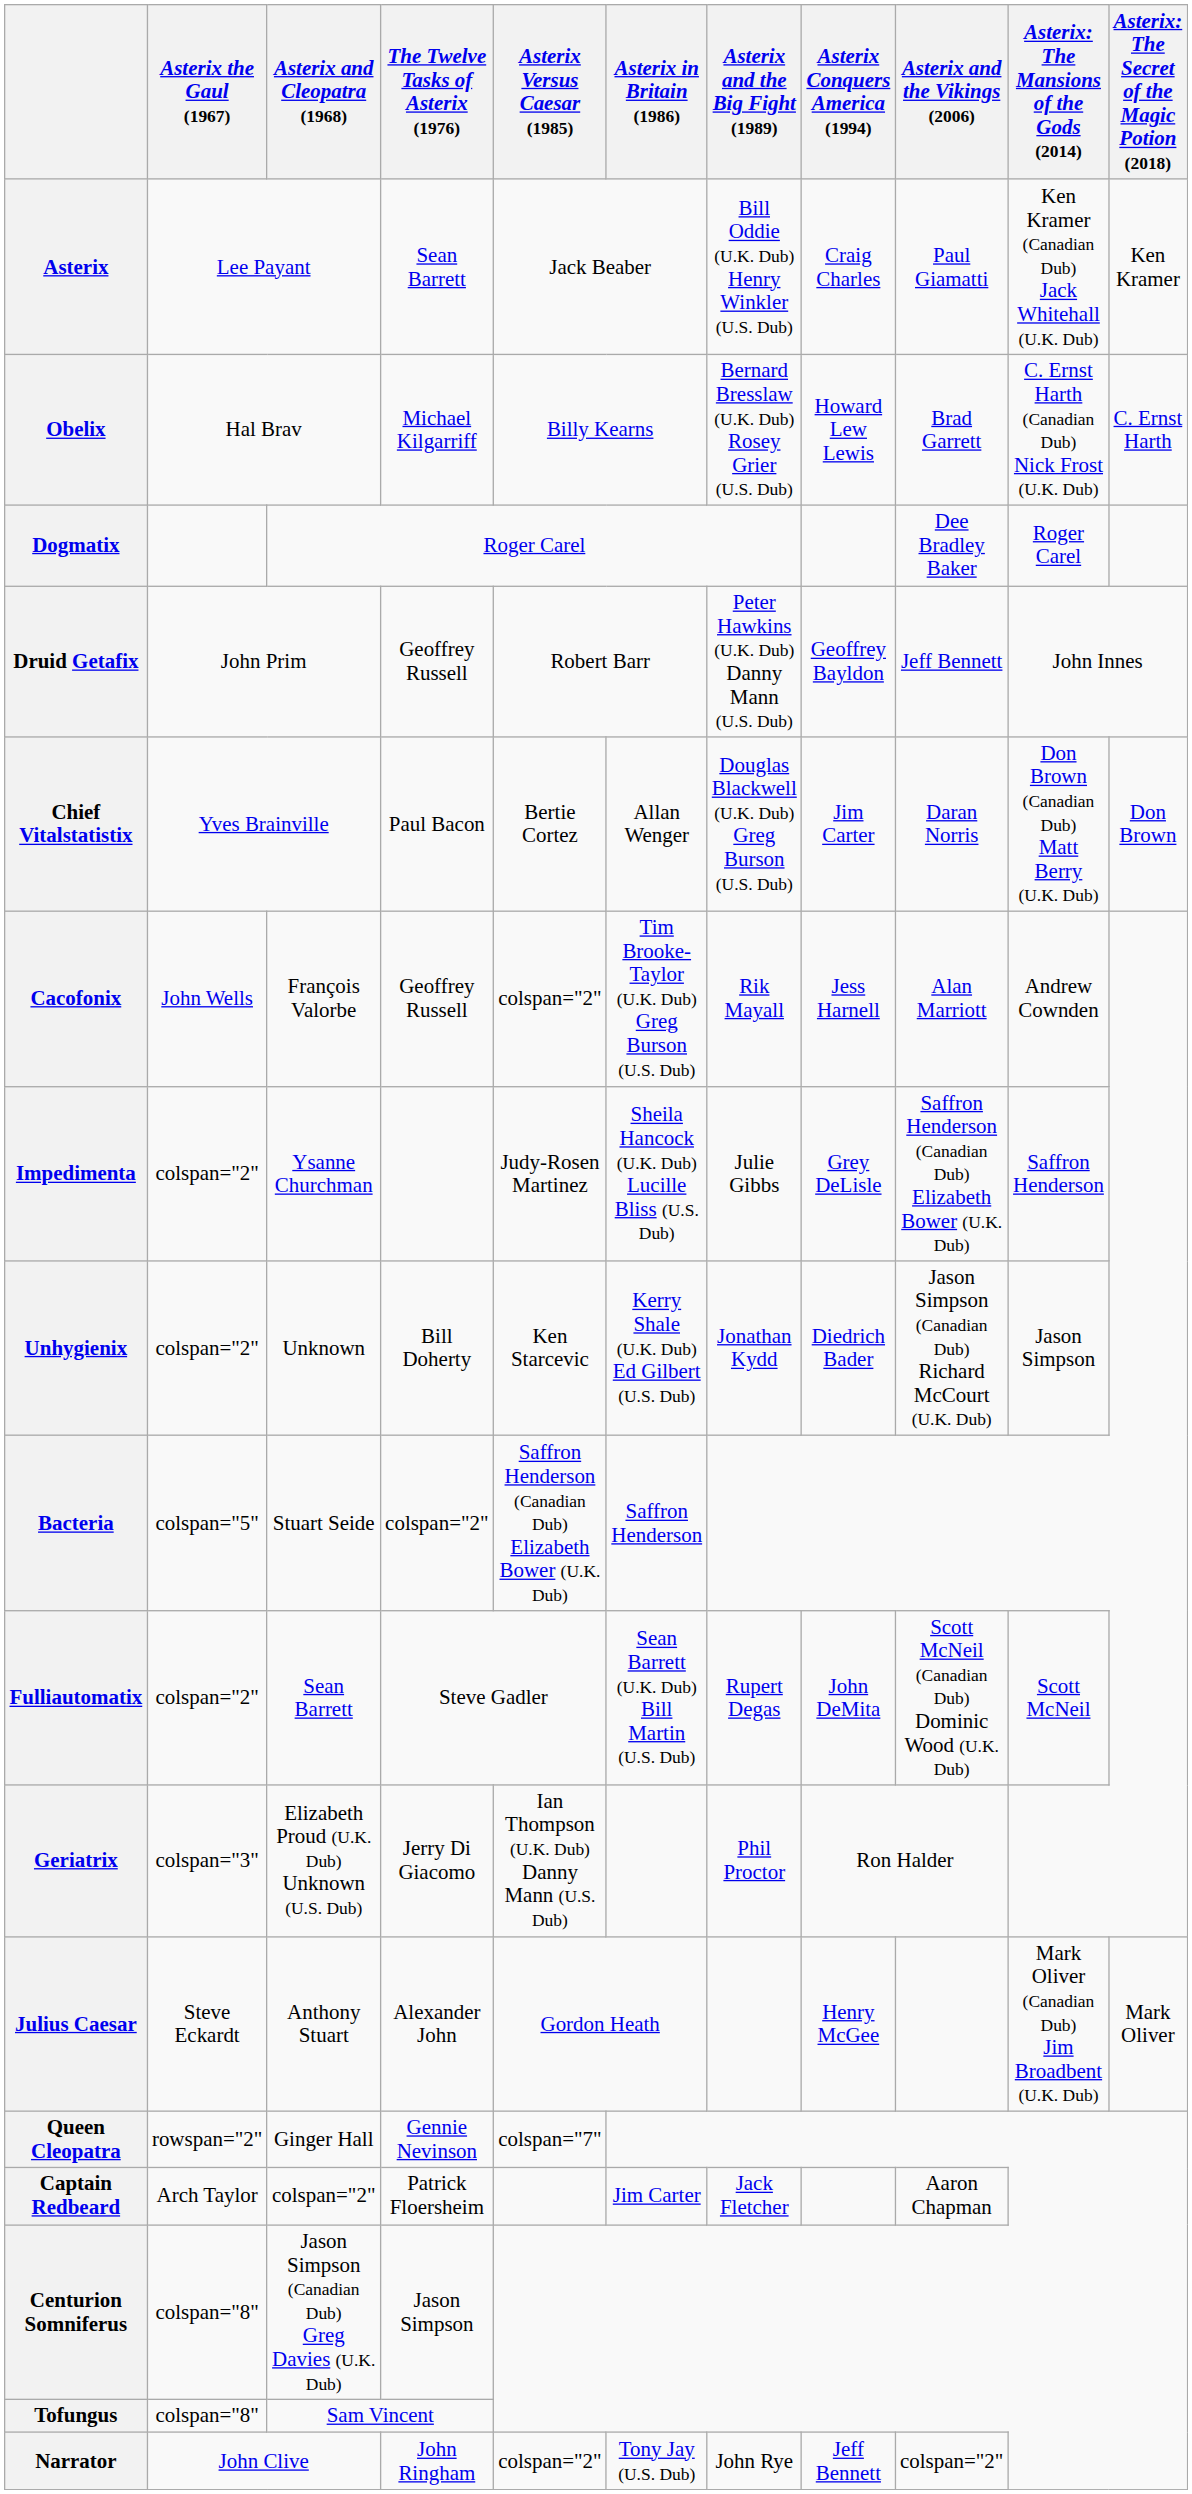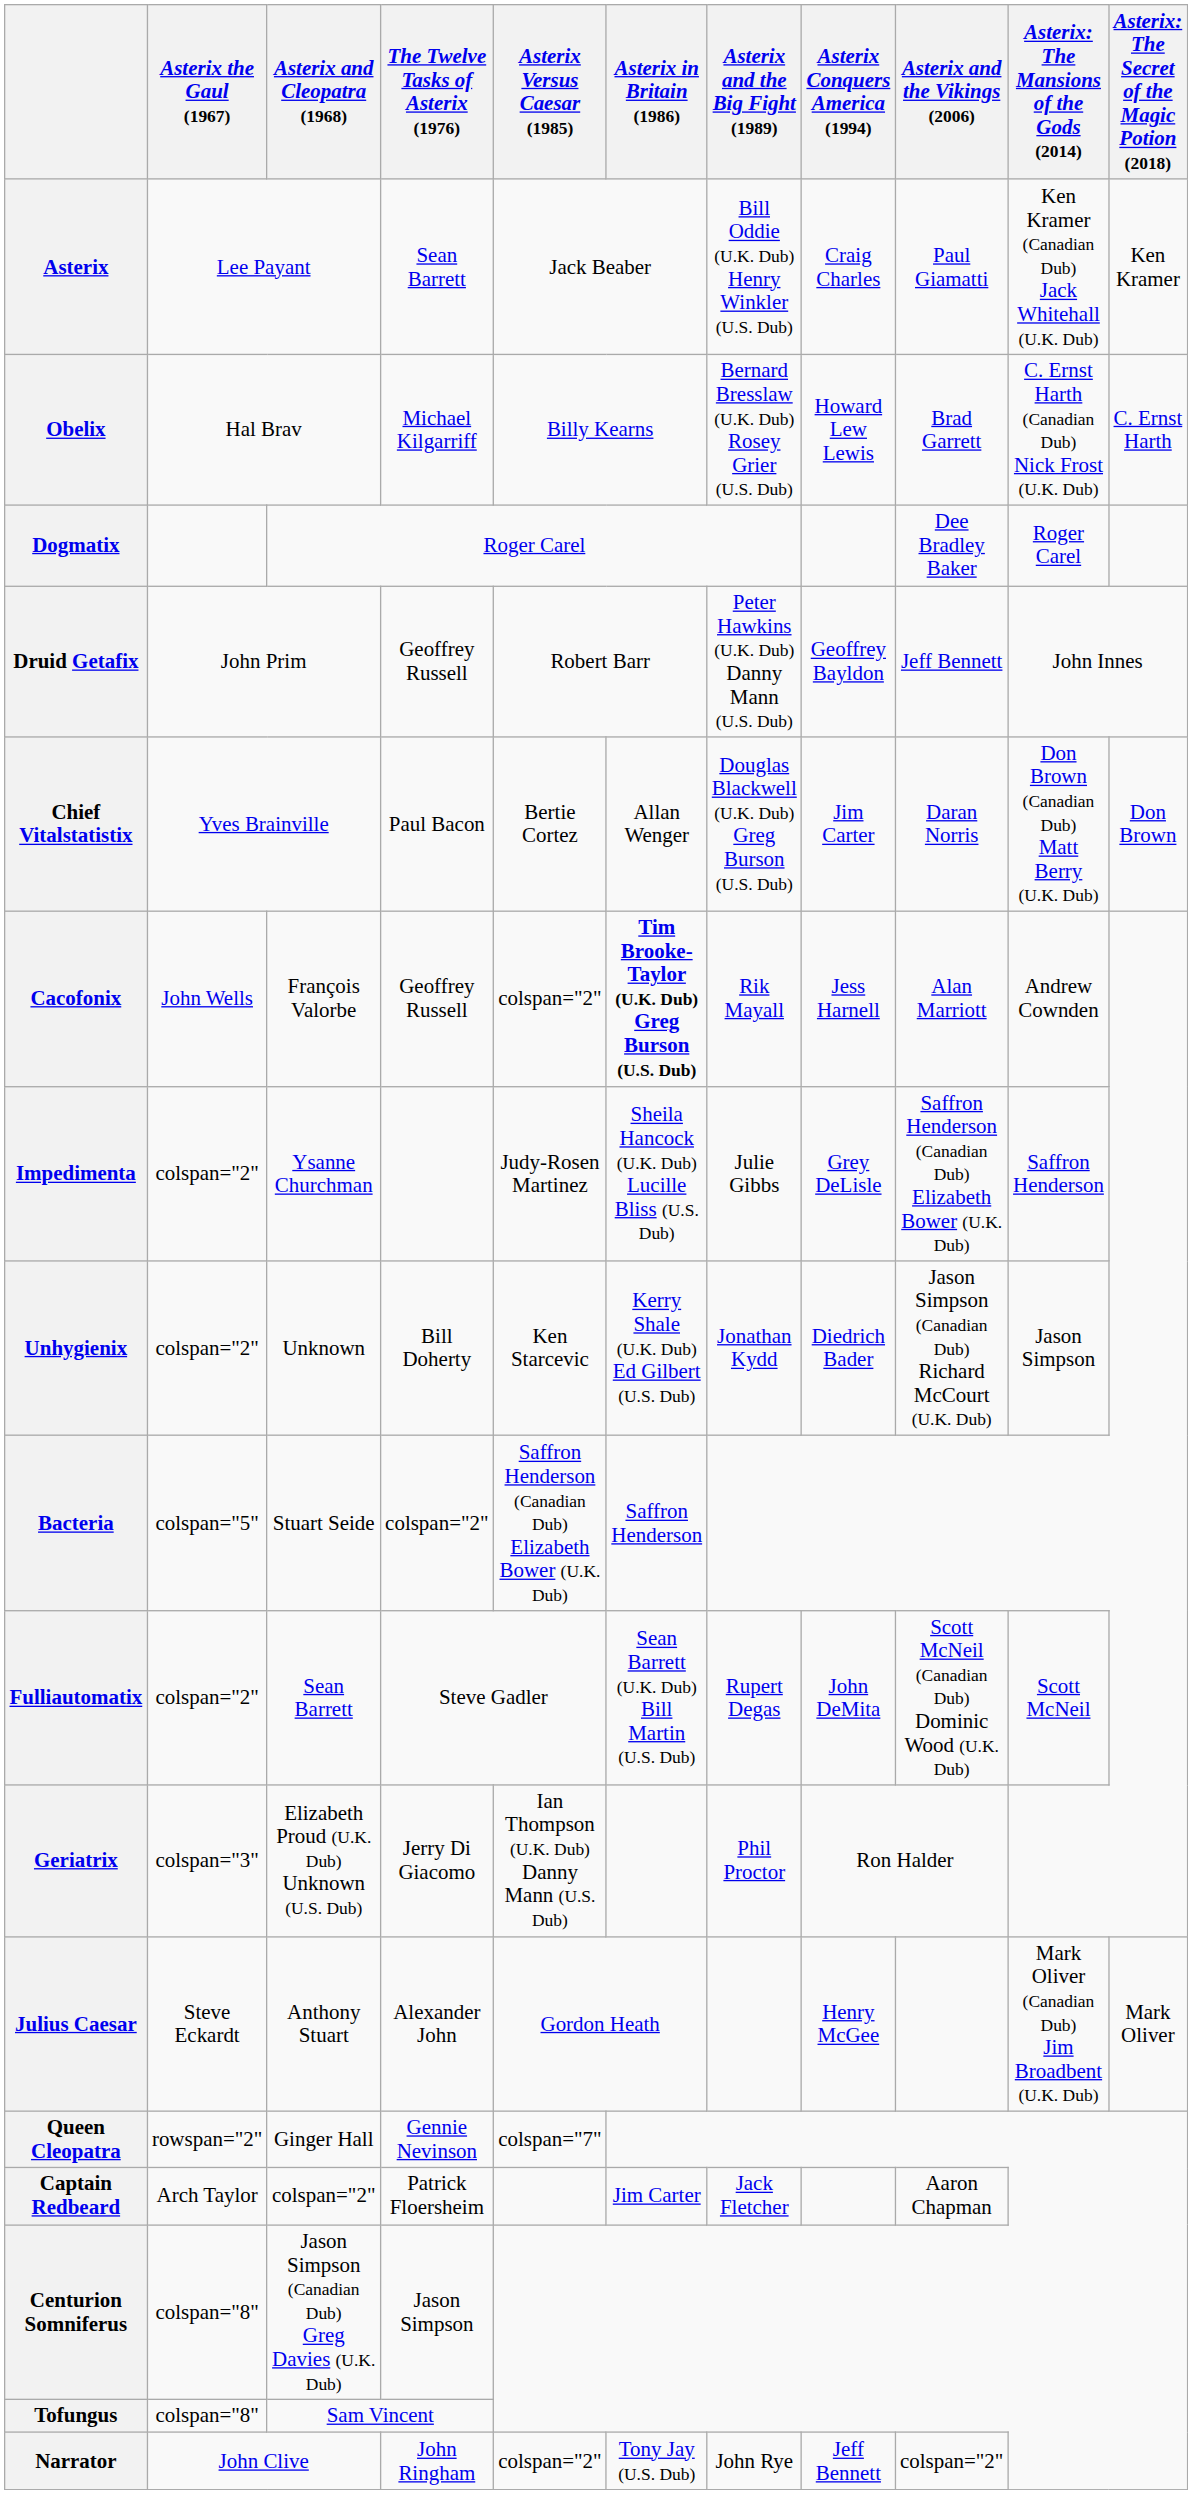 <table class="wikitable" style="text-align:center;">
 <tr>
 <th></th>
 <th><em><a href='#'>Asterix the Gaul</a></em><br><small>(1967)</small></th>
 <th><em><a href='#'>Asterix and Cleopatra</a></em><br><small>(1968)</small></th>
 <th><em><a href='#'>The Twelve Tasks of Asterix</a></em><br><small>(1976)</small></th>
 <th><em><a href='#'>Asterix Versus Caesar</a></em><br><small>(1985)</small></th>
 <th><em><a href='#'>Asterix in Britain</a></em><br><small>(1986)</small></th>
 <th><em><a href='#'>Asterix and the Big Fight</a></em><br><small>(1989)</small></th>
 <th><em><a href='#'>Asterix Conquers America</a></em><br><small>(1994)</small></th>
 <th><em><a href='#'>Asterix and the Vikings</a></em><br><small>(2006)</small></th>
 <th><em><a href='#'>Asterix: The Mansions of the Gods</a></em><br><small>(2014)</small></th>
 <th><em><a href='#'>Asterix: The Secret of the Magic Potion</a></em><br><small>(2018)</small></th>
 </tr>
 <tr>
 <th><a href='#'>Asterix</a></th>
 <td colspan="2"><a href='#'>Lee Payant</a></td>
 <td><a href='#'>Sean Barrett</a></td>
 <td colspan="2">Jack Beaber</td>
 <td><a href='#'>Bill Oddie</a> <small>(U.K. Dub)</small><br><a href='#'>Henry Winkler</a> <small>(U.S. Dub)</small></td>
 <td><a href='#'>Craig Charles</a></td>
 <td><a href='#'>Paul Giamatti</a></td>
 <td>Ken Kramer <small>(Canadian Dub)</small><br><a href='#'>Jack Whitehall</a> <small>(U.K. Dub)</small></td>
 <td>Ken Kramer</td>
 </tr>
 <tr>
 <th><a href='#'>Obelix</a></th>
 <td colspan="2">Hal Brav</td>
 <td><a href='#'>Michael Kilgarriff</a></td>
 <td colspan="2"><a href='#'>Billy Kearns</a></td>
 <td><a href='#'>Bernard Bresslaw</a> <small>(U.K. Dub)</small><br><a href='#'>Rosey Grier</a> <small>(U.S. Dub)</small></td>
 <td><a href='#'>Howard Lew Lewis</a></td>
 <td><a href='#'>Brad Garrett</a></td>
 <td><a href='#'>C. Ernst Harth</a> <small>(Canadian Dub)</small><br><a href='#'>Nick Frost</a> <small>(U.K. Dub)</small></td>
 <td><a href='#'>C. Ernst Harth</a></td>
 </tr>
 <tr>
 <th><a href='#'>Dogmatix</a></th>
 <td></td>
 <td colspan="5"><a href='#'>Roger Carel</a></td>
 <td></td>
 <td><a href='#'>Dee Bradley Baker</a></td>
 <td><a href='#'>Roger Carel</a></td>
 <td></td>
 </tr>
 <tr>
 <th>Druid <a href='#'>Getafix</a></th>
 <td colspan="2">John Prim</td>
 <td>Geoffrey Russell</td>
 <td colspan="2">Robert Barr</td>
 <td><a href='#'>Peter Hawkins</a> <small>(U.K. Dub)</small><br>Danny Mann <small>(U.S. Dub)</small></td>
 <td><a href='#'>Geoffrey Bayldon</a></td>
 <td><a href='#'>Jeff Bennett</a></td>
 <td colspan="2">John Innes</td>
 </tr>
 <tr>
 <th>Chief <a href='#'>Vitalstatistix</a></th>
 <td colspan="2"><a href='#'>Yves Brainville</a></td>
 <td>Paul Bacon</td>
 <td>Bertie Cortez</td>
 <td>Allan Wenger</td>
 <td><a href='#'>Douglas Blackwell</a> <small>(U.K. Dub)</small><br><a href='#'>Greg Burson</a> <small>(U.S. Dub)</small></td>
 <td><a href='#'>Jim Carter</a></td>
 <td><a href='#'>Daran Norris</a></td>
 <td><a href='#'>Don Brown</a> <small>(Canadian Dub)</small><br><a href='#'>Matt Berry</a> <small>(U.K. Dub)</small></td>
 <td><a href='#'>Don Brown</a></td>
 </tr>
 <tr>
 <th><a href='#'>Cacofonix</a></th>
 <td><a href='#'>John Wells</a></td>
 <td>François Valorbe</td>
 <td>Geoffrey Russell</td>
 <td>colspan="2" </td>
-<td><a href='#'>Tim Brooke-Taylor</a> <small>(U.K. Dub)</small><br><a href='#'>Greg Burson</a> <small>(U.S. Dub)</small></td>
+<td><strong><a href='#'>Tim Brooke-Taylor</a> <small>(U.K. Dub)</small><br><a href='#'>Greg Burson</a> <small>(U.S. Dub)</small></strong></td>
 <td><a href='#'>Rik Mayall</a></td>
 <td><a href='#'>Jess Harnell</a></td>
 <td><a href='#'>Alan Marriott</a></td>
 <td>Andrew Cownden</td>
 </tr>
 <tr>
 <th><a href='#'>Impedimenta</a></th>
 <td>colspan="2" </td>
 <td><a href='#'>Ysanne Churchman</a></td>
 <td></td>
 <td>Judy-Rosen Martinez</td>
 <td><a href='#'>Sheila Hancock</a> <small>(U.K. Dub)</small><br><a href='#'>Lucille Bliss</a> <small>(U.S. Dub)</small></td>
 <td>Julie Gibbs</td>
 <td><a href='#'>Grey DeLisle</a></td>
 <td><a href='#'>Saffron Henderson</a> <small>(Canadian Dub)</small><br><a href='#'>Elizabeth Bower</a> <small>(U.K. Dub)</small></td>
 <td><a href='#'>Saffron Henderson</a></td>
 </tr>
 <tr>
 <th><a href='#'>Unhygienix</a></th>
 <td>colspan="2" </td>
 <td>Unknown</td>
 <td>Bill Doherty</td>
 <td>Ken Starcevic</td>
 <td><a href='#'>Kerry Shale</a> <small>(U.K. Dub)</small><br><a href='#'>Ed Gilbert</a> <small>(U.S. Dub)</small></td>
 <td><a href='#'>Jonathan Kydd</a></td>
 <td><a href='#'>Diedrich Bader</a></td>
 <td>Jason Simpson <small>(Canadian Dub)</small><br>Richard McCourt <small>(U.K. Dub)</small></td>
 <td>Jason Simpson</td>
 </tr>
 <tr>
 <th><a href='#'>Bacteria</a></th>
 <td>colspan="5" </td>
 <td>Stuart Seide</td>
 <td>colspan="2" </td>
 <td><a href='#'>Saffron Henderson</a> <small>(Canadian Dub)</small><br><a href='#'>Elizabeth Bower</a> <small>(U.K. Dub)</small></td>
 <td><a href='#'>Saffron Henderson</a></td>
 </tr>
 <tr>
 <th><a href='#'>Fulliautomatix</a></th>
 <td>colspan="2" </td>
 <td><a href='#'>Sean Barrett</a></td>
 <td colspan="2">Steve Gadler</td>
 <td><a href='#'>Sean Barrett</a> <small>(U.K. Dub)</small><br><a href='#'>Bill Martin</a> <small>(U.S. Dub)</small></td>
 <td><a href='#'>Rupert Degas</a></td>
 <td><a href='#'>John DeMita</a></td>
 <td><a href='#'>Scott McNeil</a> <small>(Canadian Dub)</small><br>Dominic Wood <small>(U.K. Dub)</small></td>
 <td><a href='#'>Scott McNeil</a></td>
 </tr>
 <tr>
 <th><a href='#'>Geriatrix</a></th>
 <td>colspan="3" </td>
 <td>Elizabeth Proud <small>(U.K. Dub)</small><br>Unknown <small>(U.S. Dub)</small></td>
 <td>Jerry Di Giacomo</td>
 <td>Ian Thompson <small>(U.K. Dub)</small><br>Danny Mann <small>(U.S. Dub)</small></td>
 <td></td>
 <td><a href='#'>Phil Proctor</a></td>
 <td colspan="2">Ron Halder</td>
 </tr>
 <tr>
 <th><a href='#'>Julius Caesar</a></th>
 <td>Steve Eckardt</td>
 <td>Anthony Stuart</td>
 <td>Alexander John</td>
 <td colspan="2"><a href='#'>Gordon Heath</a></td>
 <td></td>
 <td><a href='#'>Henry McGee</a></td>
 <td></td>
 <td>Mark Oliver <small>(Canadian Dub)</small><br><a href='#'>Jim Broadbent</a> <small>(U.K. Dub)</small></td>
 <td>Mark Oliver</td>
 </tr>
 <tr>
 <th>Queen <a href='#'>Cleopatra</a></th>
 <td>rowspan="2" </td>
 <td>Ginger Hall</td>
 <td><a href='#'>Gennie Nevinson</a></td>
 <td>colspan="7" </td>
 </tr>
 <tr>
 <th>Captain <a href='#'>Redbeard</a></th>
 <td>Arch Taylor</td>
 <td>colspan="2" </td>
 <td>Patrick Floersheim</td>
 <td></td>
 <td><a href='#'>Jim Carter</a></td>
 <td><a href='#'>Jack Fletcher</a></td>
 <td></td>
 <td>Aaron Chapman</td>
 </tr>
 <tr>
 <th>Centurion Somniferus</th>
 <td>colspan="8" </td>
 <td>Jason Simpson <small>(Canadian Dub)</small><br><a href='#'>Greg Davies</a> <small>(U.K. Dub)</small></td>
 <td>Jason Simpson</td>
 </tr>
 <tr>
 <th>Tofungus</th>
 <td>colspan="8" </td>
 <td colspan="2"><a href='#'>Sam Vincent</a></td>
 </tr>
 <tr>
 <th>Narrator</th>
 <td colspan="2"><a href='#'>John Clive</a></td>
 <td><a href='#'>John Ringham</a></td>
 <td>colspan="2" </td>
 <td><a href='#'>Tony Jay</a> <small>(U.S. Dub)</small></td>
 <td>John Rye</td>
 <td><a href='#'>Jeff Bennett</a></td>
 <td>colspan="2" </td>
 </tr>
 <tr>
 </tr>
 </table>
